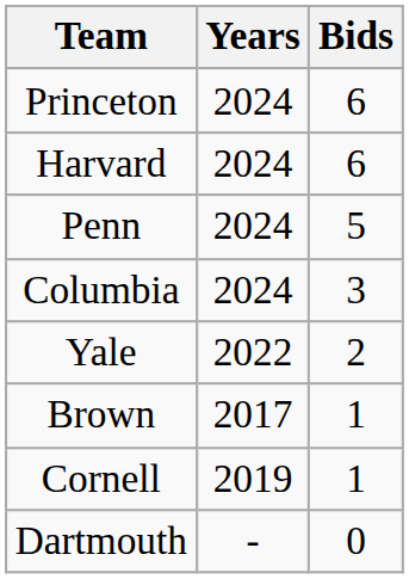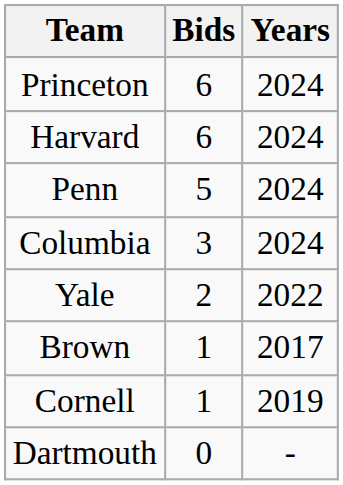 <table class="wikitable sortable" style="text-align:center">
 <tr>
 <th width=px>Team</th>
+<th width=px>Bids</th>
 <th width=px>Years</th>
-<th width=px>Bids</th>
 </tr>
 <tr>
 <td>Princeton</td>
+<td>6</td>
 <td>2024</td>
-<td>6</td>
 </tr>
 <tr>
 <td>Harvard</td>
+<td>6</td>
 <td>2024</td>
-<td>6</td>
 </tr>
 <tr>
 <td>Penn</td>
+<td>5</td>
 <td>2024</td>
-<td>5</td>
 </tr>
 <tr>
 <td>Columbia</td>
+<td>3</td>
 <td>2024</td>
-<td>3</td>
 </tr>
 <tr>
 <td>Yale</td>
+<td>2</td>
 <td>2022</td>
-<td>2</td>
 </tr>
 <tr>
 <td>Brown</td>
+<td>1</td>
 <td>2017</td>
-<td>1</td>
 </tr>
 <tr>
 <td>Cornell</td>
+<td>1</td>
 <td>2019</td>
-<td>1</td>
 </tr>
 <tr>
 <td>Dartmouth</td>
+<td>0</td>
 <td>-</td>
-<td>0</td>
 </tr>
 </table>
